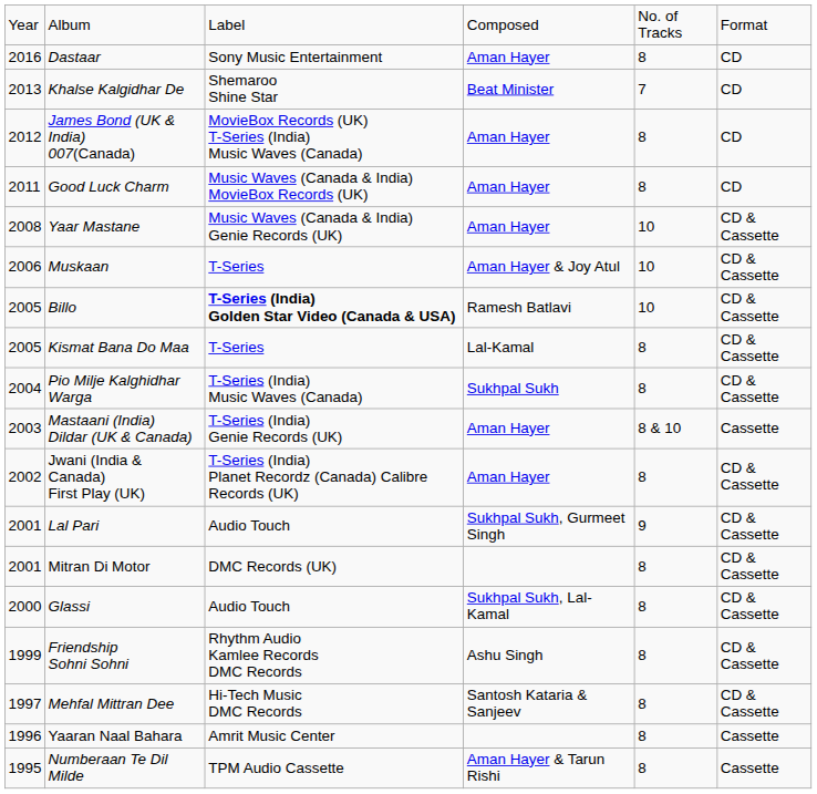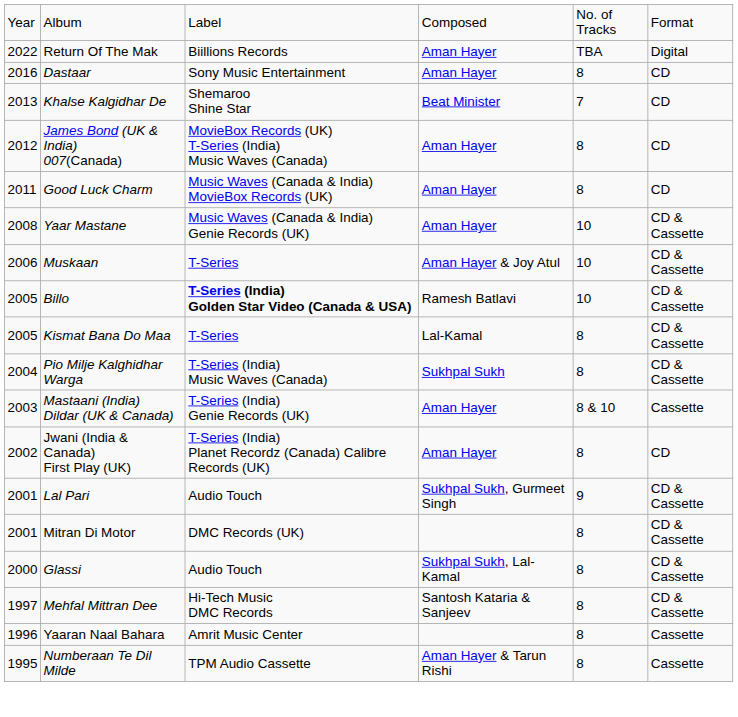 <table class=wikitable>
 <tr>
 <td>Year</td>
 <td>Album</td>
 <td>Label</td>
 <td>Composed</td>
 <td>No. of Tracks</td>
 <td>Format</td>
+</tr>
+<tr>
+<td>2022</td>
+<td>Return Of The Mak</td>
+<td>Biillions Records</td>
+<td><a href='#'>Aman Hayer</a></td>
+<td>TBA</td>
+<td>Digital</td>
 </tr>
 <tr>
 <td>2016</td>
 <td><em>Dastaar</em></td>
 <td>Sony Music Entertainment</td>
 <td><a href='#'>Aman Hayer</a></td>
 <td>8</td>
 <td>CD</td>
 </tr>
 <tr>
 <td>2013</td>
 <td><em>Khalse Kalgidhar De</em></td>
 <td>Shemaroo<br>Shine Star</td>
 <td><a href='#'>Beat Minister</a></td>
 <td>7</td>
 <td>CD</td>
 </tr>
 <tr>
 <td>2012</td>
 <td><em><a href='#'>James Bond</a> (UK & India)<br>007</em>(Canada)</td>
 <td><a href='#'>MovieBox Records</a> (UK)<br><a href='#'>T-Series</a> (India)<br>Music Waves (Canada)</td>
 <td><a href='#'>Aman Hayer</a></td>
 <td>8</td>
 <td>CD</td>
 </tr>
 <tr>
 <td>2011</td>
 <td><em>Good Luck Charm</em></td>
 <td><a href='#'>Music Waves</a> (Canada & India)<br><a href='#'>MovieBox Records</a> (UK)</td>
 <td><a href='#'>Aman Hayer</a></td>
 <td>8</td>
 <td>CD</td>
 </tr>
 <tr>
 <td>2008</td>
 <td><em>Yaar Mastane</em></td>
 <td><a href='#'>Music Waves</a> (Canada & India)<br>Genie Records (UK)</td>
 <td><a href='#'>Aman Hayer</a></td>
 <td>10</td>
 <td>CD & Cassette</td>
 </tr>
 <tr>
 <td>2006</td>
 <td><em>Muskaan</em></td>
 <td><a href='#'>T-Series</a></td>
 <td><a href='#'>Aman Hayer</a> & Joy Atul</td>
 <td>10</td>
 <td>CD & Cassette</td>
 </tr>
 <tr>
 <td>2005</td>
 <td><em>Billo</em></td>
 <td><strong><a href='#'>T-Series</a> (India)<br>Golden Star Video (Canada & USA)</strong></td>
 <td>Ramesh Batlavi</td>
 <td>10</td>
 <td>CD & Cassette</td>
 </tr>
 <tr>
 <td>2005</td>
 <td><em>Kismat Bana Do Maa</em></td>
 <td><a href='#'>T-Series</a></td>
 <td>Lal-Kamal</td>
 <td>8</td>
 <td>CD & Cassette</td>
 </tr>
 <tr>
 <td>2004</td>
 <td><em>Pio Milje Kalghidhar Warga</em></td>
 <td><a href='#'>T-Series</a> (India)<br>Music Waves (Canada)</td>
 <td><a href='#'>Sukhpal Sukh</a></td>
 <td>8</td>
 <td>CD & Cassette</td>
 </tr>
 <tr>
 <td>2003</td>
 <td><em>Mastaani (India)</em><br><em>Dildar (UK & Canada)</em></td>
 <td><a href='#'>T-Series</a> (India)<br>Genie Records (UK)</td>
 <td><a href='#'>Aman Hayer</a></td>
 <td>8 & 10</td>
 <td>Cassette</td>
 </tr>
 <tr>
 <td>2002</td>
 <td>Jwani (India & Canada)<br>First Play (UK)</td>
 <td><a href='#'>T-Series</a> (India)<br>Planet Recordz (Canada) Calibre Records (UK)</td>
 <td><a href='#'>Aman Hayer</a></td>
 <td>8</td>
-<td>CD & Cassette</td>
+<td>CD</td>
 </tr>
 <tr>
 <td>2001</td>
 <td><em>Lal Pari</em></td>
 <td>Audio Touch</td>
 <td><a href='#'>Sukhpal Sukh</a>, Gurmeet Singh</td>
 <td>9</td>
 <td>CD & Cassette</td>
 </tr>
 <tr>
 <td>2001</td>
 <td>Mitran Di Motor</td>
 <td>DMC Records (UK)</td>
 <td></td>
 <td>8</td>
 <td>CD & Cassette</td>
 </tr>
 <tr>
 <td>2000</td>
 <td><em>Glassi</em></td>
 <td>Audio Touch</td>
 <td><a href='#'>Sukhpal Sukh</a>, Lal-Kamal</td>
-<td>8</td>
-<td>CD & Cassette</td>
-</tr>
-<tr>
-<td>1999</td>
-<td><em>Friendship</em><br><em>Sohni Sohni</em></td>
-<td>Rhythm Audio<br>Kamlee Records<br>DMC Records</td>
-<td>Ashu Singh</td>
 <td>8</td>
 <td>CD & Cassette</td>
 </tr>
 <tr>
 <td>1997</td>
 <td><em>Mehfal Mittran Dee</em></td>
 <td>Hi-Tech Music<br>DMC Records</td>
 <td>Santosh Kataria & Sanjeev</td>
 <td>8</td>
 <td>CD & Cassette</td>
 </tr>
 <tr>
 <td>1996</td>
 <td>Yaaran Naal Bahara</td>
 <td>Amrit Music Center</td>
 <td></td>
 <td>8</td>
 <td>Cassette</td>
 </tr>
 <tr>
 <td>1995</td>
 <td><em>Numberaan Te Dil Milde</em></td>
 <td>TPM Audio Cassette</td>
 <td><a href='#'>Aman Hayer</a> & Tarun Rishi</td>
 <td>8</td>
 <td>Cassette</td>
 </tr>
 </table>
